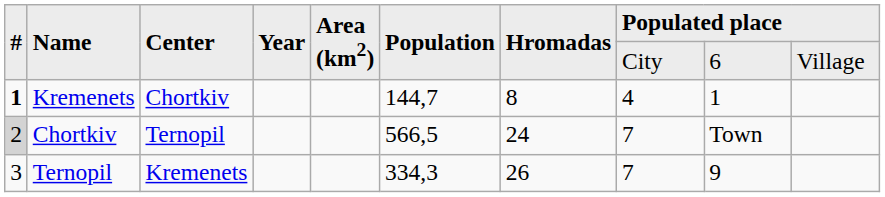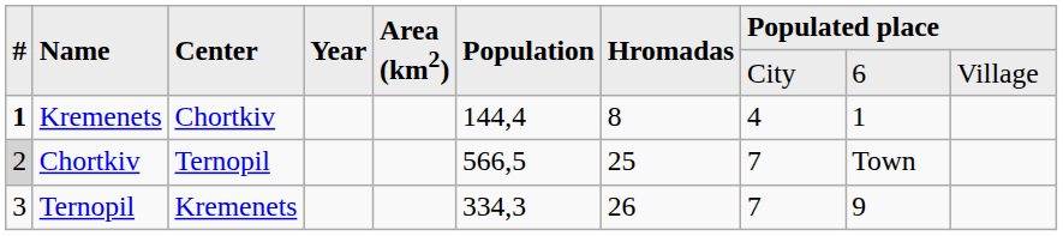 <table class="wikitable">
 <tr bgcolor="#ECECEC">
 <td rowspan=2><strong>#</strong></td>
 <td rowspan=2><strong>Name</strong></td>
 <td rowspan=2><strong>Center</strong></td>
 <td rowspan=2><strong>Year</strong></td>
 <td rowspan=2><strong>Area<br>(km<sup>2</sup>)</strong></td>
 <td rowspan=2><strong>Population</strong></td>
 <td rowspan=2><strong>Hromadas</strong></td>
 <td colspan=3><strong>Populated place</strong></td>
 </tr>
 <tr bgcolor="#ECECEC">
 <td width=10%>City</td>
 <td>6</td>
 <td width=10%>Village</td>
 </tr>
 <tr>
 <td><strong>1</strong></td>
 <td><a href='#'>Kremenets</a></td>
 <td><a href='#'>Chortkiv</a></td>
 <td></td>
 <td></td>
-<td>144,7</td>
+<td>144,4</td>
 <td>8</td>
 <td>4</td>
 <td>1</td>
 <td></td>
 </tr>
 <tr>
 <td style="background: lightgrey;">2</td>
 <td><a href='#'>Chortkiv</a></td>
 <td><a href='#'>Ternopil</a></td>
 <td></td>
 <td></td>
 <td>566,5</td>
-<td>24</td>
+<td>25</td>
 <td>7</td>
 <td width=10%>Town</td>
 <td></td>
 </tr>
 <tr>
 <td>3</td>
 <td><a href='#'>Ternopil</a></td>
 <td><a href='#'>Kremenets</a></td>
 <td></td>
 <td></td>
 <td>334,3</td>
 <td>26</td>
 <td>7</td>
 <td>9</td>
 <td></td>
 </tr>
 </table>
